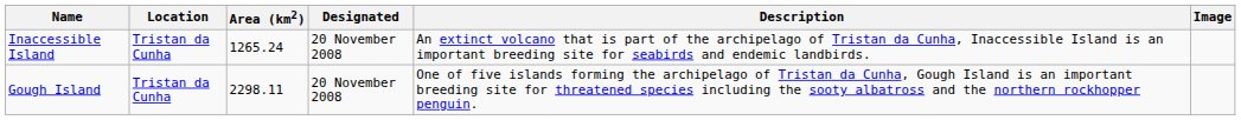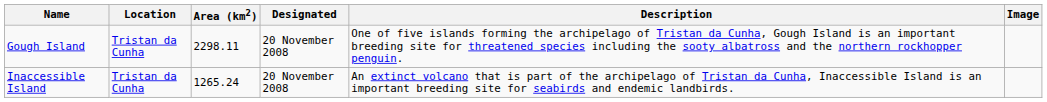 <table class="wikitable sortable">
 <tr>
 <th style="background-color:">Name</th>
 <th style="background-color:">Location</th>
 <th style="background-color:">Area (km<sup>2</sup>)</th>
 <th style="background-color:">Designated</th>
 <th style="background-color:">Description</th>
 <th style="background-color:">Image</th>
 </tr>
 <tr>
+<td><a href='#'>Gough Island</a></td>
+<td><a href='#'>Tristan da Cunha</a><br><small></small></td>
+<td>2298.11</td>
+<td>20 November 2008</td>
+<td>One of five islands forming the archipelago of <a href='#'>Tristan da Cunha</a>, Gough Island is an important breeding site for <a href='#'>threatened species</a> including the <a href='#'>sooty albatross</a> and the <a href='#'>northern rockhopper penguin</a>.</td>
+<td></td>
+</tr>
+<tr>
 <td><a href='#'>Inaccessible Island</a></td>
 <td><a href='#'>Tristan da Cunha</a><br><small></small></td>
 <td>1265.24</td>
 <td>20 November 2008</td>
 <td>An <a href='#'>extinct volcano</a> that is part of the archipelago of <a href='#'>Tristan da Cunha</a>, Inaccessible Island is an important breeding site for <a href='#'>seabirds</a> and endemic landbirds.</td>
 <td></td>
 </tr>
-<tr>
-<td><a href='#'>Gough Island</a></td>
-<td><a href='#'>Tristan da Cunha</a><br><small></small></td>
-<td>2298.11</td>
-<td>20 November 2008</td>
-<td>One of five islands forming the archipelago of <a href='#'>Tristan da Cunha</a>, Gough Island is an important breeding site for <a href='#'>threatened species</a> including the <a href='#'>sooty albatross</a> and the <a href='#'>northern rockhopper penguin</a>.</td>
-<td></td>
-</tr>
 </table>
